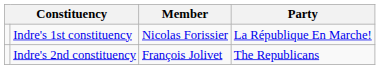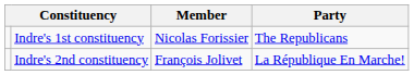 <table class="wikitable">
 <tr>
 <th colspan="2">Constituency</th>
 <th>Member</th>
 <th>Party</th>
 </tr>
 <tr>
 <td style="background-color: "></td>
 <td><a href='#'>Indre's 1st constituency</a></td>
 <td><a href='#'>Nicolas Forissier</a></td>
-<td><a href='#'>La République En Marche!</a></td>
+<td><a href='#'>The Republicans</a></td>
 </tr>
 <tr>
 <td style="background-color: "></td>
 <td><a href='#'>Indre's 2nd constituency</a></td>
 <td><a href='#'>François Jolivet</a></td>
-<td><a href='#'>The Republicans</a></td>
+<td><a href='#'>La République En Marche!</a></td>
 </tr>
 </table>
